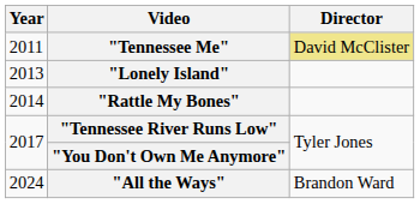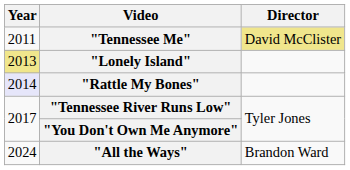 <table class="wikitable plainrowheaders">
 <tr>
 <th>Year</th>
 <th>Video</th>
 <th>Director</th>
 </tr>
 <tr>
 <td>2011</td>
 <th scope="row">"Tennessee Me"</th>
 <td style="background: khaki;">David McClister</td>
 </tr>
 <tr>
-<td>2013</td>
+<td style="background: khaki;">2013</td>
 <th scope="row">"Lonely Island"</th>
 <td></td>
 </tr>
 <tr>
-<td>2014</td>
+<td style="background: lavender;">2014</td>
 <th scope="row">"Rattle My Bones"</th>
 <td></td>
 </tr>
 <tr>
 <td rowspan="2">2017</td>
 <th scope="row">"Tennessee River Runs Low"</th>
 <td rowspan="2">Tyler Jones</td>
 </tr>
 <tr>
 <th scope="row">"You Don't Own Me Anymore"</th>
 </tr>
 <tr>
 <td>2024</td>
 <th scope="row">"All the Ways" </th>
 <td>Brandon Ward</td>
 </tr>
 </table>
